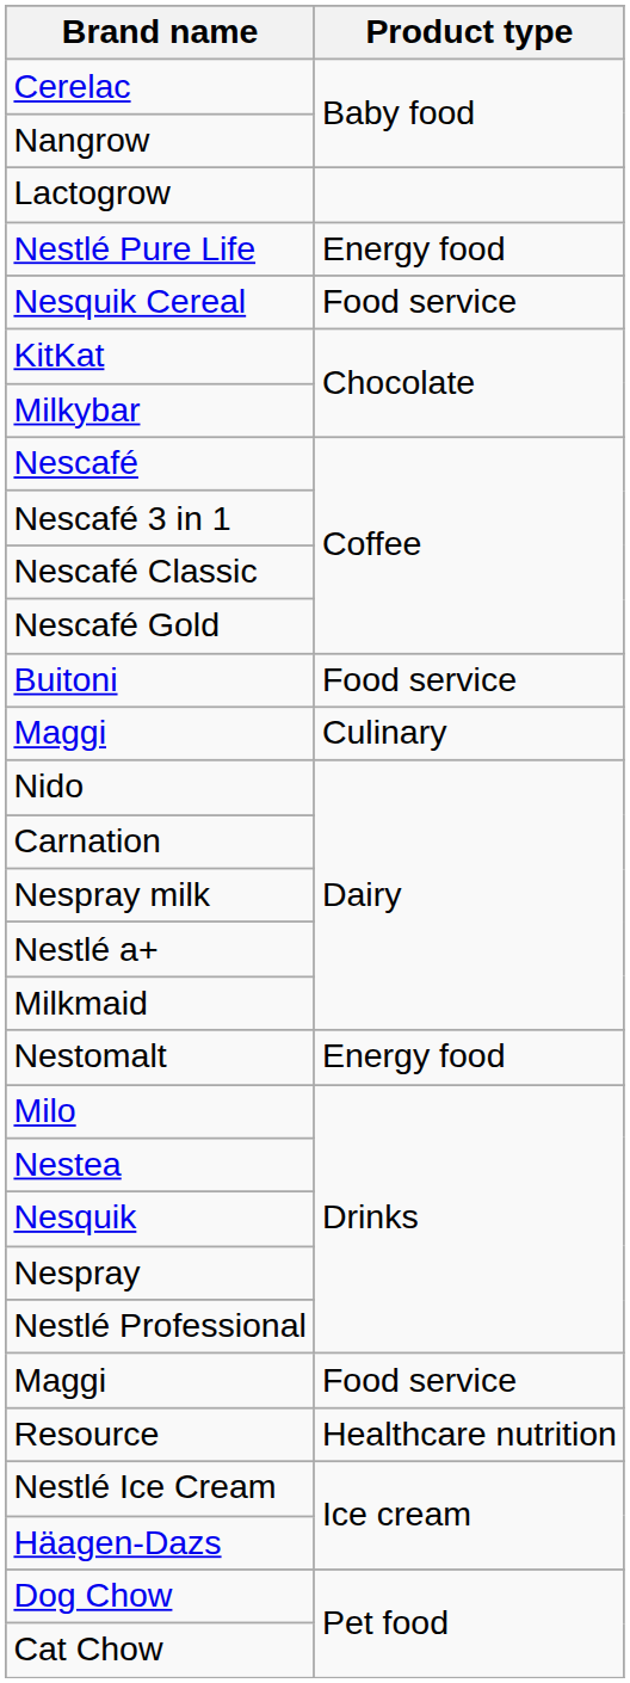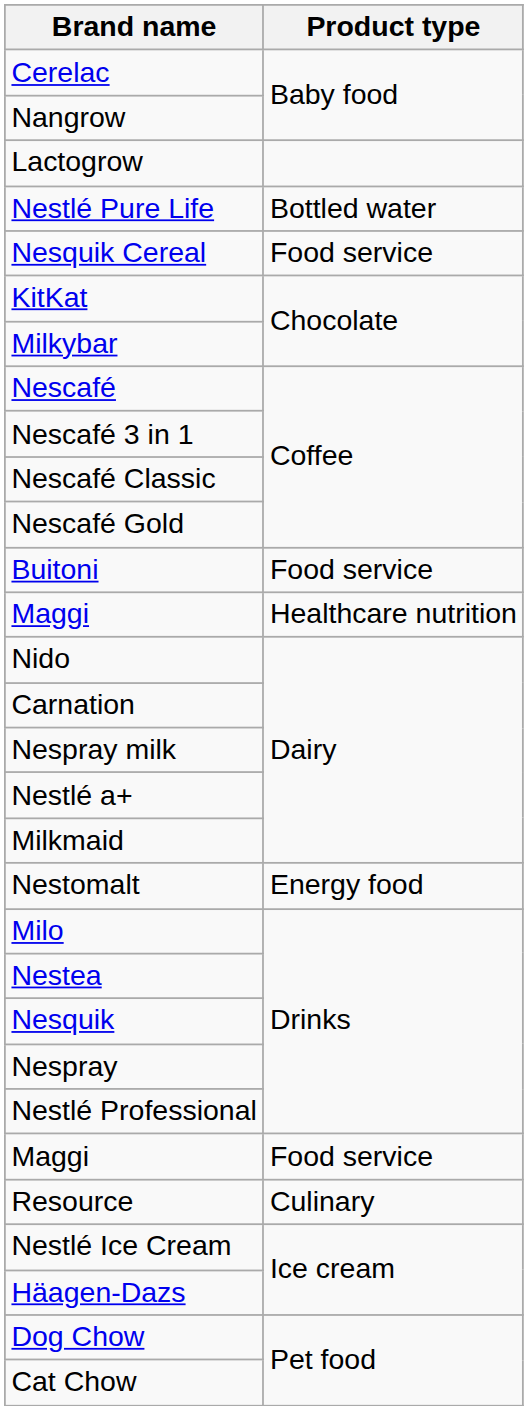 <table class="wikitable">
 <tr>
 <th>Brand name</th>
 <th>Product type</th>
 </tr>
 <tr>
 <td><a href='#'>Cerelac</a></td>
 <td rowspan="2">Baby food</td>
 </tr>
 <tr>
 <td>Nangrow</td>
 </tr>
 <tr>
 <td>Lactogrow</td>
 <td></td>
 </tr>
 <tr>
 <td><a href='#'>Nestlé Pure Life</a></td>
-<td>Energy food</td>
+<td>Bottled water</td>
 </tr>
 <tr>
 <td><a href='#'>Nesquik Cereal</a></td>
 <td>Food service</td>
 </tr>
 <tr>
 <td><a href='#'>KitKat</a></td>
 <td rowspan="2">Chocolate</td>
 </tr>
 <tr>
 <td><a href='#'>Milkybar</a></td>
 </tr>
 <tr>
 <td><a href='#'>Nescafé</a></td>
 <td rowspan="4">Coffee</td>
 </tr>
 <tr>
 <td>Nescafé 3 in 1</td>
 </tr>
 <tr>
 <td>Nescafé Classic</td>
 </tr>
 <tr>
 <td>Nescafé Gold</td>
 </tr>
 <tr>
 <td><a href='#'>Buitoni</a></td>
 <td>Food service</td>
 </tr>
 <tr>
 <td><a href='#'>Maggi</a></td>
-<td>Culinary</td>
+<td>Healthcare nutrition</td>
 </tr>
 <tr>
 <td>Nido</td>
 <td rowspan="5">Dairy</td>
 </tr>
 <tr>
 <td>Carnation</td>
 </tr>
 <tr>
 <td>Nespray milk</td>
 </tr>
 <tr>
 <td>Nestlé a+</td>
 </tr>
 <tr>
 <td>Milkmaid</td>
 </tr>
 <tr>
 <td>Nestomalt</td>
 <td>Energy food</td>
 </tr>
 <tr>
 <td><a href='#'>Milo</a></td>
 <td rowspan="5">Drinks</td>
 </tr>
 <tr>
 <td><a href='#'>Nestea</a></td>
 </tr>
 <tr>
 <td><a href='#'>Nesquik</a></td>
 </tr>
 <tr>
 <td>Nespray</td>
 </tr>
 <tr>
 <td>Nestlé Professional</td>
 </tr>
 <tr>
 <td>Maggi</td>
 <td>Food service</td>
 </tr>
 <tr>
 <td>Resource</td>
-<td>Healthcare nutrition</td>
+<td>Culinary</td>
 </tr>
 <tr>
 <td>Nestlé Ice Cream</td>
 <td rowspan="2">Ice cream</td>
 </tr>
 <tr>
 <td><a href='#'>Häagen-Dazs</a></td>
 </tr>
 <tr>
 <td><a href='#'>Dog Chow</a></td>
 <td rowspan="2">Pet food</td>
 </tr>
 <tr>
 <td>Cat Chow</td>
 </tr>
 </table>
